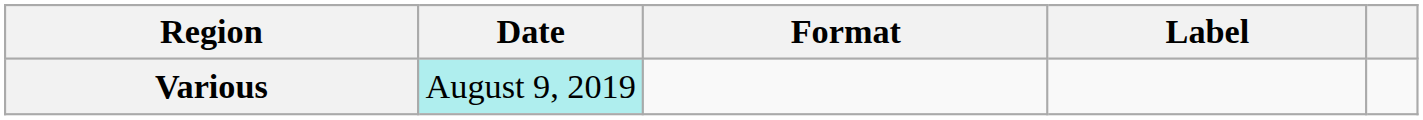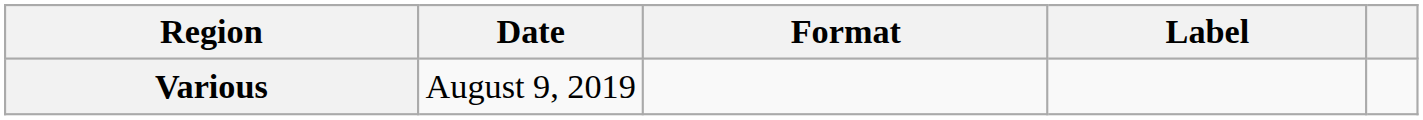 <table class="wikitable plainrowheaders">
 <tr>
 <th scope="col">Region</th>
 <th width="16%" scope="col">Date</th>
 <th scope="col">Format</th>
 <th scope="col">Label</th>
 <th scope="col"></th>
 </tr>
 <tr>
 <th rowspan="2" scope="row">Various</th>
-<td style="background: paleturquoise;">August 9, 2019</td>
+<td>August 9, 2019</td>
 <td></td>
 <td></td>
 <td align="center"></td>
 </tr>
 </table>
